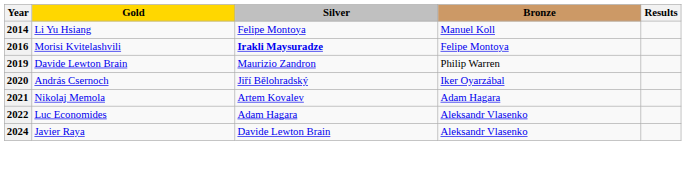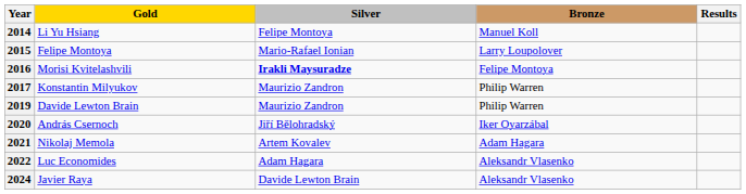 <table class="wikitable unsortable" style="text-align:left; width:80%;">
 <tr>
 <th scope="col" style="text-align:center;">Year</th>
 <td scope="col" style="text-align:center; width:30%; background:gold"><strong>Gold</strong></td>
 <td scope="col" style="text-align:center; width:30%; background:silver"><strong>Silver</strong></td>
 <td scope="col" style="text-align:center; width:30%; background:#c96"><strong>Bronze</strong></td>
 <th scope="col" style="text-align:center;">Results</th>
 </tr>
 <tr>
 <th scope="row" style="text-align:left">2014</th>
 <td> <a href='#'>Li Yu Hsiang</a></td>
 <td> <a href='#'>Felipe Montoya</a></td>
 <td> <a href='#'>Manuel Koll</a></td>
 <td></td>
 </tr>
 <tr>
+<th scope="row" style="text-align:left">2015</th>
+<td> <a href='#'>Felipe Montoya</a></td>
+<td> <a href='#'>Mario-Rafael Ionian</a></td>
+<td> <a href='#'>Larry Loupolover</a></td>
+<td></td>
+</tr>
+<tr>
 <th scope="row" style="text-align:left">2016</th>
 <td> <a href='#'>Morisi Kvitelashvili</a></td>
 <td><strong> <a href='#'>Irakli Maysuradze</a></strong></td>
 <td> <a href='#'>Felipe Montoya</a></td>
+<td></td>
+</tr>
+<tr>
+<th scope="row" style="text-align:left">2017</th>
+<td> <a href='#'>Konstantin Milyukov</a></td>
+<td> <a href='#'>Maurizio Zandron</a></td>
+<td> Philip Warren</td>
 <td></td>
 </tr>
 <tr>
 <th scope="row" style="text-align:left">2019</th>
 <td> <a href='#'>Davide Lewton Brain</a></td>
 <td> <a href='#'>Maurizio Zandron</a></td>
 <td> Philip Warren</td>
 <td></td>
 </tr>
 <tr>
 <th scope="row" style="text-align:left">2020</th>
 <td> <a href='#'>András Csernoch</a></td>
 <td> <a href='#'>Jiří Bělohradský</a></td>
 <td> <a href='#'>Iker Oyarzábal</a></td>
 <td></td>
 </tr>
 <tr>
 <th scope="row" style="text-align:left">2021</th>
 <td> <a href='#'>Nikolaj Memola</a></td>
 <td> <a href='#'>Artem Kovalev</a></td>
 <td> <a href='#'>Adam Hagara</a></td>
 <td></td>
 </tr>
 <tr>
 <th scope="row" style="text-align:left">2022</th>
 <td> <a href='#'>Luc Economides</a></td>
 <td> <a href='#'>Adam Hagara</a></td>
 <td> <a href='#'>Aleksandr Vlasenko</a></td>
 <td></td>
 </tr>
 <tr>
 <th scope="row" style="text-align:left">2024</th>
 <td> <a href='#'>Javier Raya</a></td>
 <td> <a href='#'>Davide Lewton Brain</a></td>
 <td> <a href='#'>Aleksandr Vlasenko</a></td>
 <td></td>
 </tr>
 </table>
